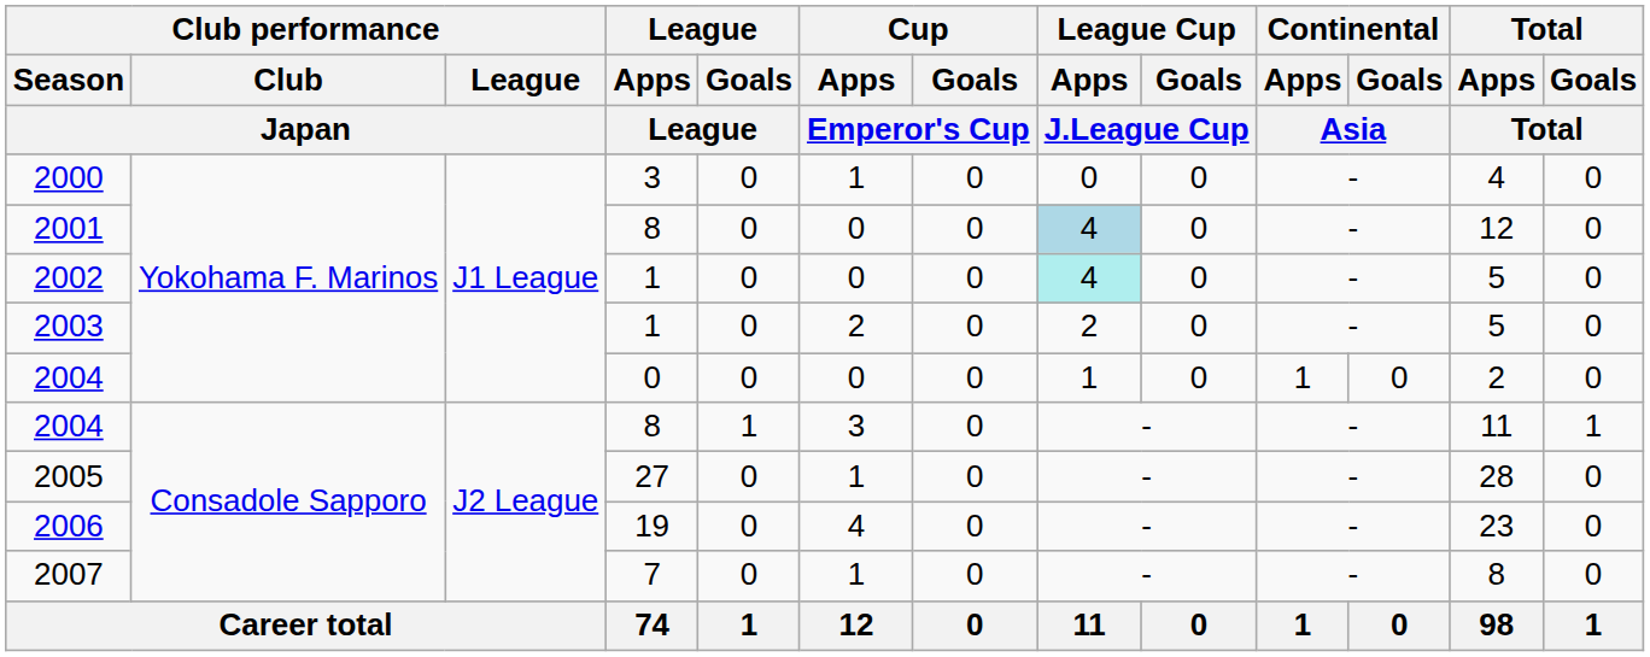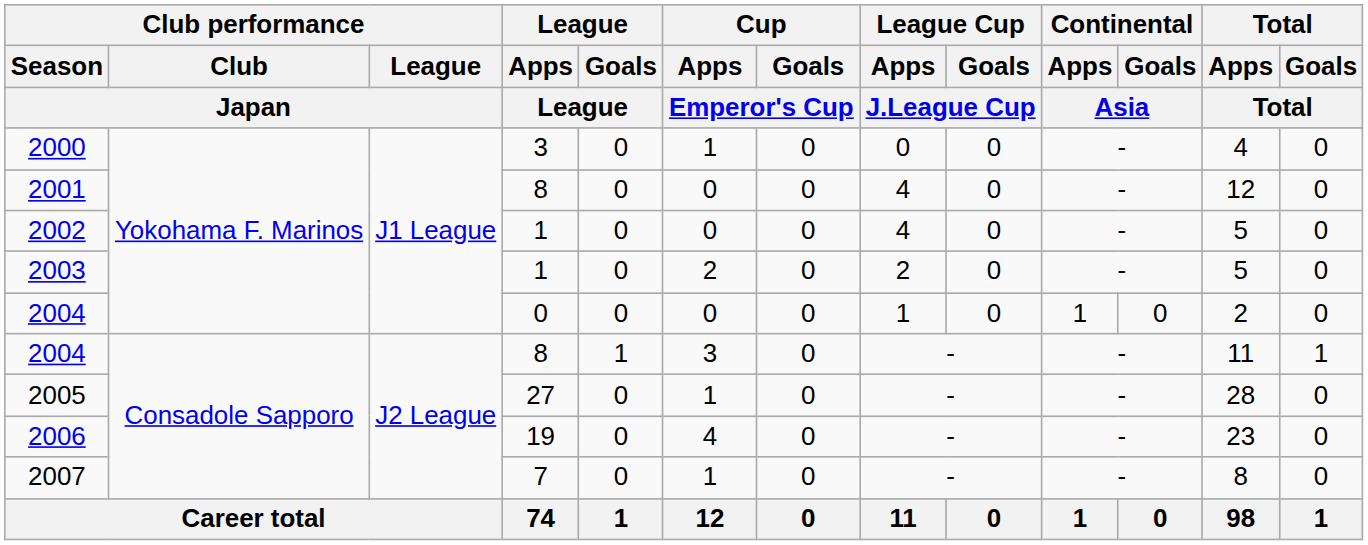 <table class="wikitable" style="text-align:center">
 <tr>
 <th colspan=3>Club performance</th>
 <th colspan=2>League</th>
 <th colspan=2>Cup</th>
 <th colspan=2>League Cup</th>
 <th colspan=2>Continental</th>
 <th colspan=2>Total</th>
 </tr>
 <tr>
 <th>Season</th>
 <th>Club</th>
 <th>League</th>
 <th>Apps</th>
 <th>Goals</th>
 <th>Apps</th>
 <th>Goals</th>
 <th>Apps</th>
 <th>Goals</th>
 <th>Apps</th>
 <th>Goals</th>
 <th>Apps</th>
 <th>Goals</th>
 </tr>
 <tr>
 <th colspan=3>Japan</th>
 <th colspan=2>League</th>
 <th colspan=2><a href='#'>Emperor's Cup</a></th>
 <th colspan=2><a href='#'>J.League Cup</a></th>
 <th colspan=2><a href='#'>Asia</a></th>
 <th colspan=2>Total</th>
 </tr>
 <tr>
 <td><a href='#'>2000</a></td>
 <td rowspan="5"><a href='#'>Yokohama F. Marinos</a></td>
 <td rowspan="5"><a href='#'>J1 League</a></td>
 <td>3</td>
 <td>0</td>
 <td>1</td>
 <td>0</td>
 <td>0</td>
 <td>0</td>
 <td colspan="2">-</td>
 <td>4</td>
 <td>0</td>
 </tr>
 <tr>
 <td><a href='#'>2001</a></td>
 <td>8</td>
 <td>0</td>
 <td>0</td>
 <td>0</td>
-<td style="background: lightblue;">4</td>
+<td>4</td>
 <td>0</td>
 <td colspan="2">-</td>
 <td>12</td>
 <td>0</td>
 </tr>
 <tr>
 <td><a href='#'>2002</a></td>
 <td>1</td>
 <td>0</td>
 <td>0</td>
 <td>0</td>
-<td style="background: paleturquoise;">4</td>
+<td>4</td>
 <td>0</td>
 <td colspan="2">-</td>
 <td>5</td>
 <td>0</td>
 </tr>
 <tr>
 <td><a href='#'>2003</a></td>
 <td>1</td>
 <td>0</td>
 <td>2</td>
 <td>0</td>
 <td>2</td>
 <td>0</td>
 <td colspan="2">-</td>
 <td>5</td>
 <td>0</td>
 </tr>
 <tr>
 <td><a href='#'>2004</a></td>
 <td>0</td>
 <td>0</td>
 <td>0</td>
 <td>0</td>
 <td>1</td>
 <td>0</td>
 <td>1</td>
 <td>0</td>
 <td>2</td>
 <td>0</td>
 </tr>
 <tr>
 <td><a href='#'>2004</a></td>
 <td rowspan="4"><a href='#'>Consadole Sapporo</a></td>
 <td rowspan="4"><a href='#'>J2 League</a></td>
 <td>8</td>
 <td>1</td>
 <td>3</td>
 <td>0</td>
 <td colspan="2">-</td>
 <td colspan="2">-</td>
 <td>11</td>
 <td>1</td>
 </tr>
 <tr>
 <td>2005</td>
 <td>27</td>
 <td>0</td>
 <td>1</td>
 <td>0</td>
 <td colspan="2">-</td>
 <td colspan="2">-</td>
 <td>28</td>
 <td>0</td>
 </tr>
 <tr>
 <td><a href='#'>2006</a></td>
 <td>19</td>
 <td>0</td>
 <td>4</td>
 <td>0</td>
 <td colspan="2">-</td>
 <td colspan="2">-</td>
 <td>23</td>
 <td>0</td>
 </tr>
 <tr>
 <td>2007</td>
 <td>7</td>
 <td>0</td>
 <td>1</td>
 <td>0</td>
 <td colspan="2">-</td>
 <td colspan="2">-</td>
 <td>8</td>
 <td>0</td>
 </tr>
 <tr>
 <th colspan=3>Career total</th>
 <th>74</th>
 <th>1</th>
 <th>12</th>
 <th>0</th>
 <th>11</th>
 <th>0</th>
 <th>1</th>
 <th>0</th>
 <th>98</th>
 <th>1</th>
 </tr>
 </table>
